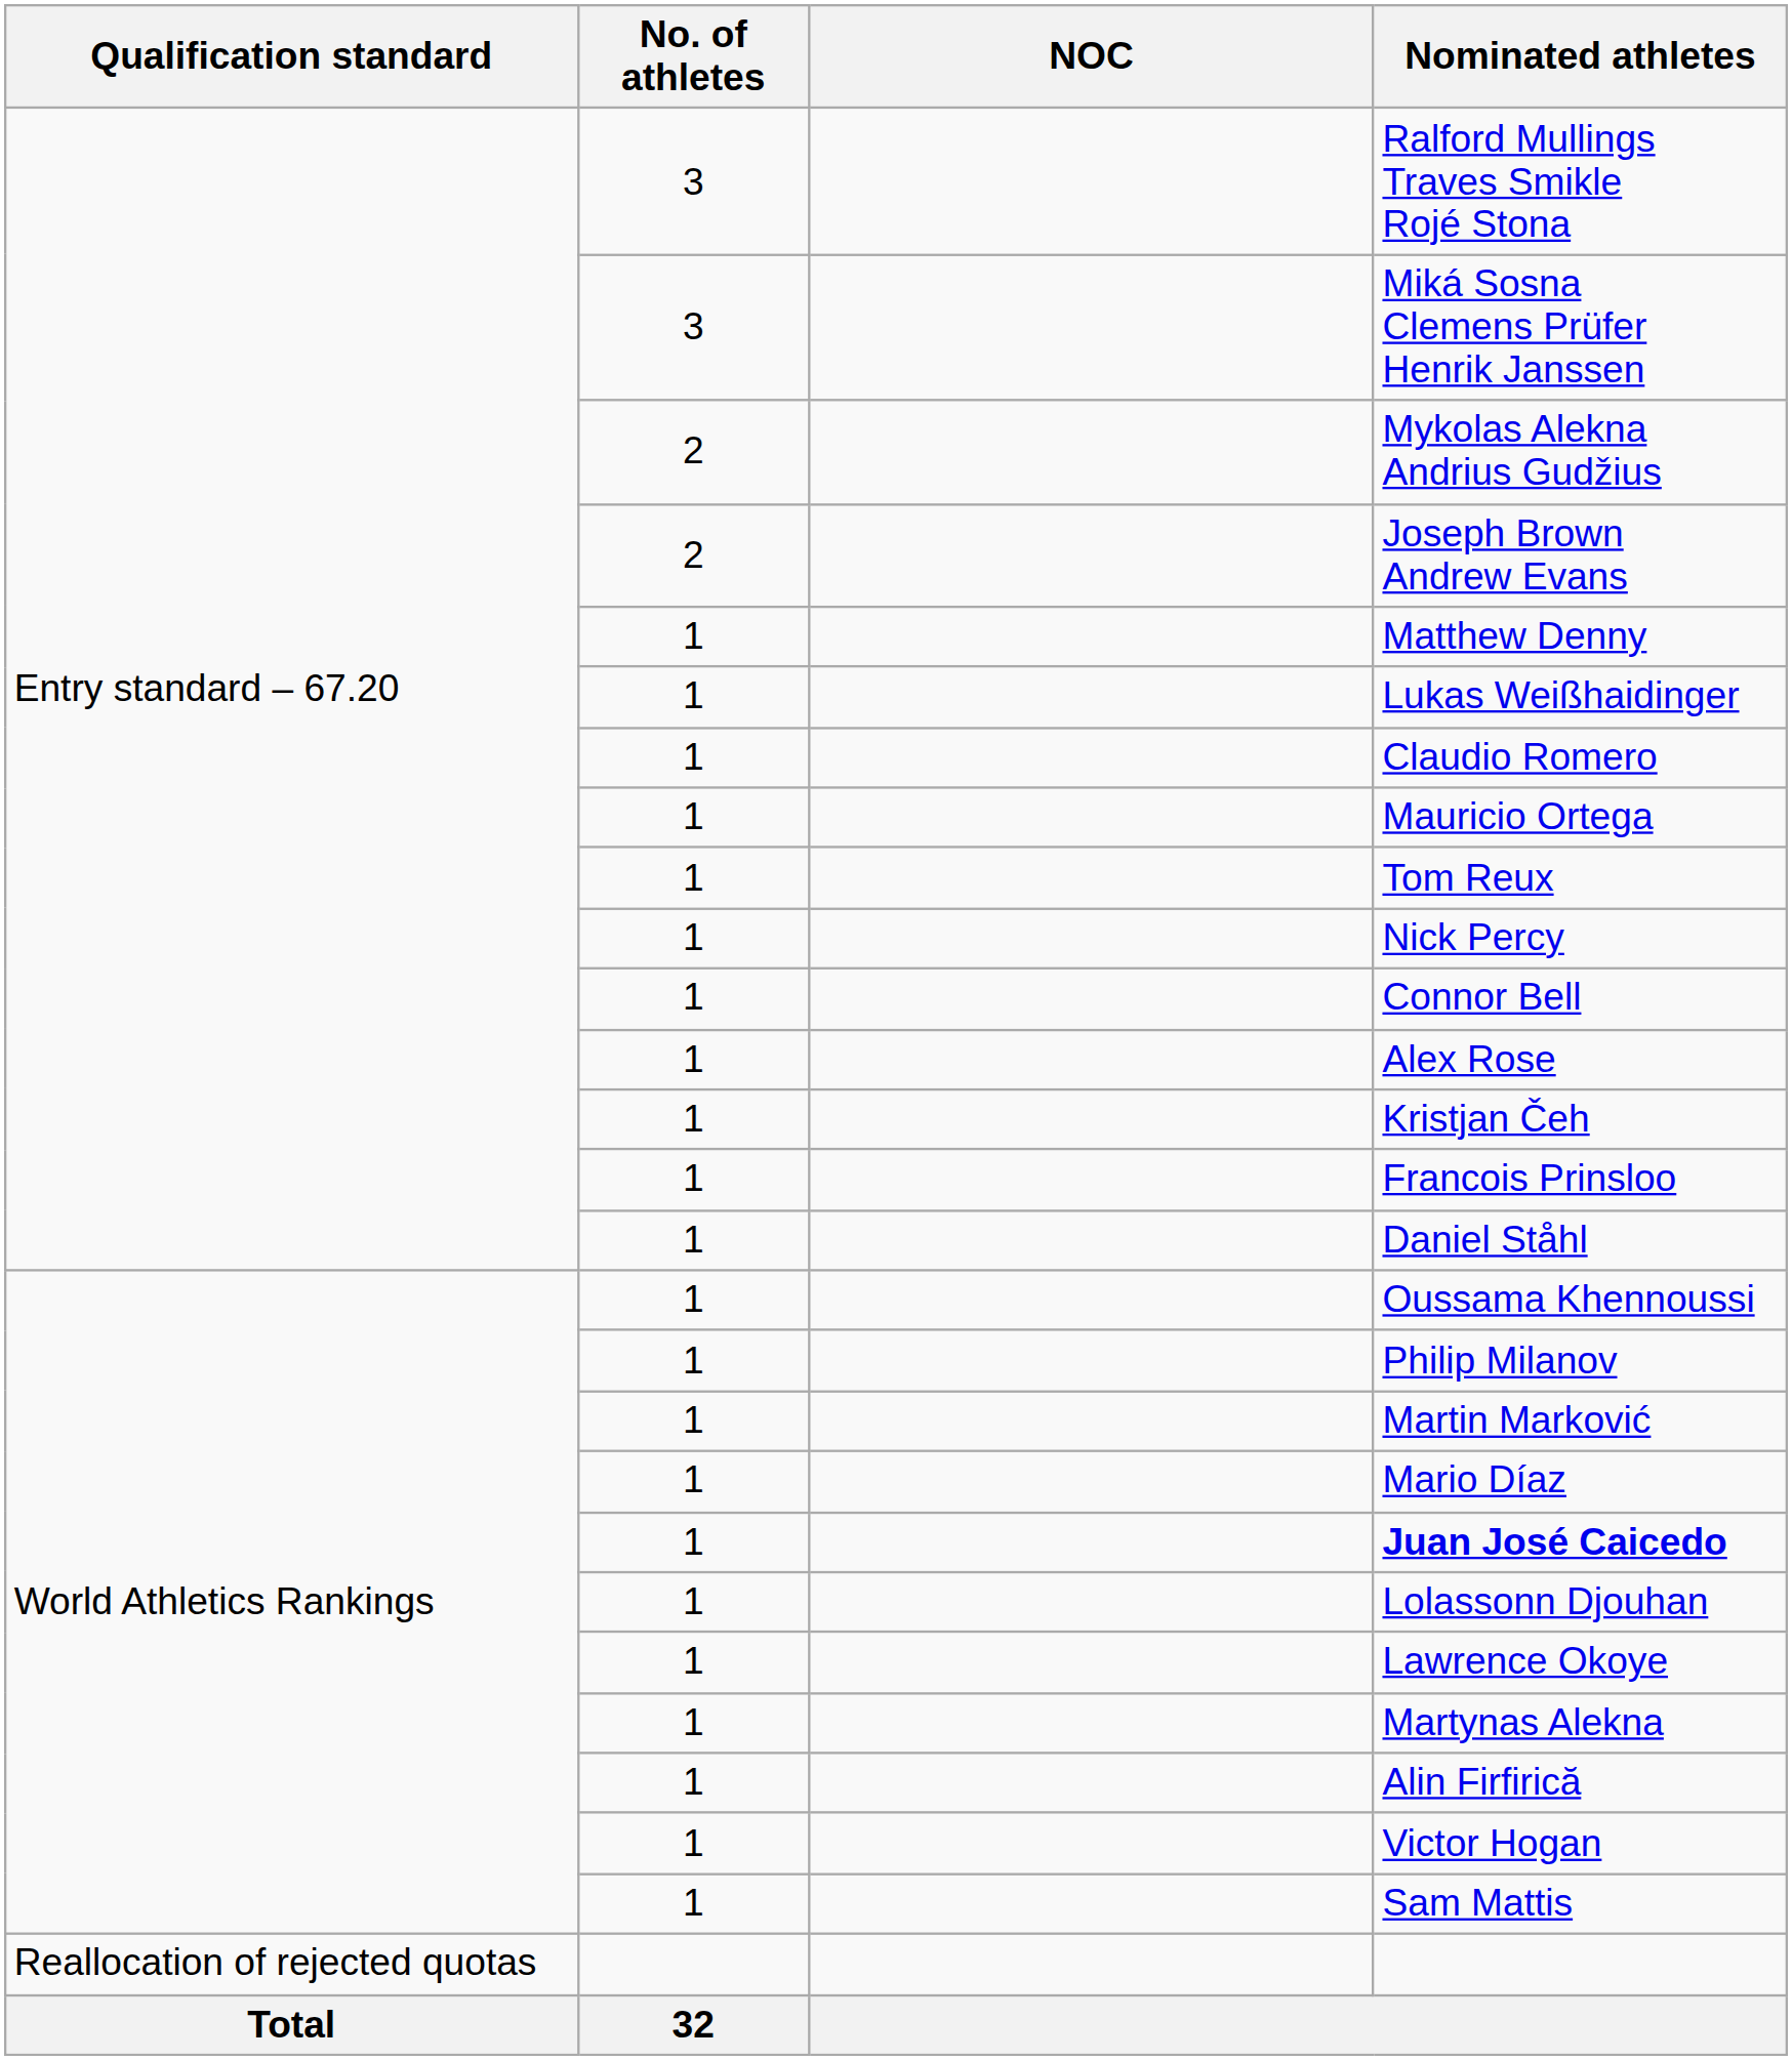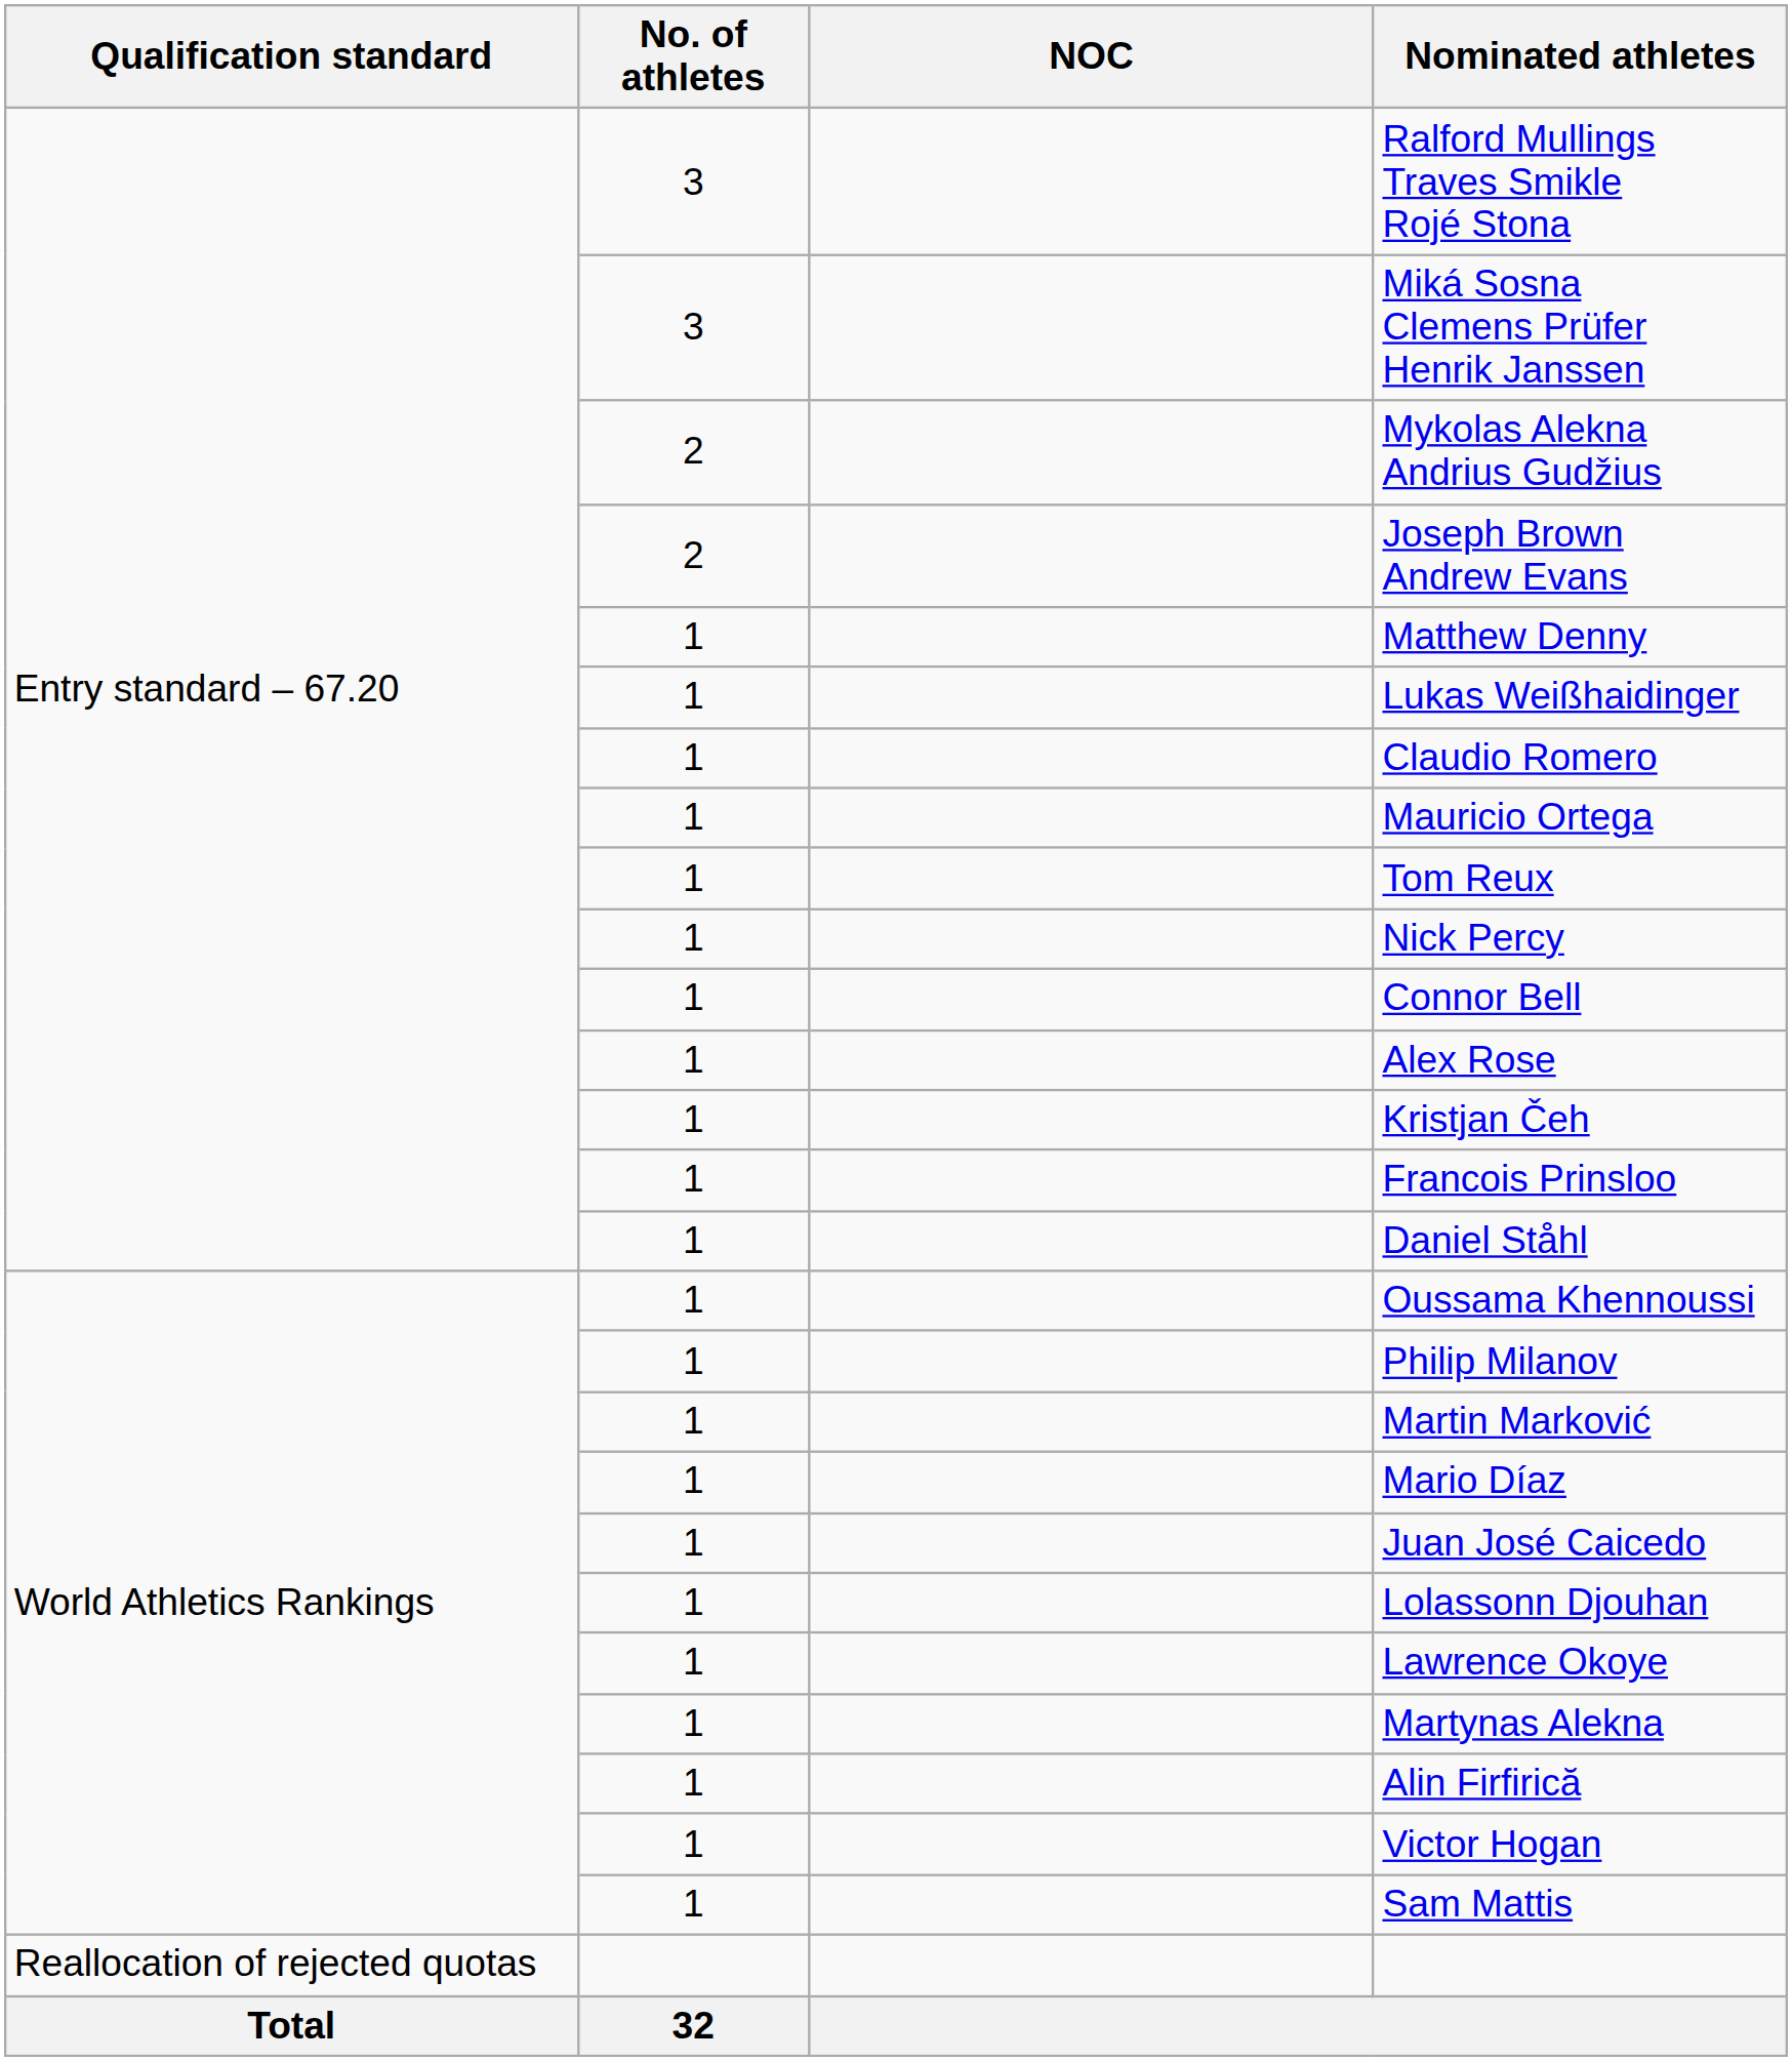 <table class="wikitable sortable" style="text-align:left; width:750px;">
 <tr>
 <th>Qualification standard</th>
 <th width=90>No. of athletes</th>
 <th width=230>NOC</th>
 <th>Nominated athletes</th>
 </tr>
 <tr>
 <td rowspan=15>Entry standard – 67.20</td>
 <td align=center>3</td>
 <td></td>
 <td><a href='#'>Ralford Mullings</a><br><a href='#'>Traves Smikle</a><br><a href='#'>Rojé Stona</a></td>
 </tr>
 <tr>
 <td align=center>3</td>
 <td></td>
 <td><a href='#'>Miká Sosna</a><br><a href='#'>Clemens Prüfer</a><br><a href='#'>Henrik Janssen</a></td>
 </tr>
 <tr>
 <td align=center>2</td>
 <td></td>
 <td><a href='#'>Mykolas Alekna</a><br><a href='#'>Andrius Gudžius</a></td>
 </tr>
 <tr>
 <td align=center>2</td>
 <td></td>
 <td><a href='#'>Joseph Brown</a><br><a href='#'>Andrew Evans</a></td>
 </tr>
 <tr>
 <td align=center>1</td>
 <td></td>
 <td><a href='#'>Matthew Denny</a></td>
 </tr>
 <tr>
 <td align=center>1</td>
 <td></td>
 <td><a href='#'>Lukas Weißhaidinger</a></td>
 </tr>
 <tr>
 <td align=center>1</td>
 <td></td>
 <td><a href='#'>Claudio Romero</a></td>
 </tr>
 <tr>
 <td align=center>1</td>
 <td></td>
 <td><a href='#'>Mauricio Ortega</a></td>
 </tr>
 <tr>
 <td align=center>1</td>
 <td></td>
 <td><a href='#'>Tom Reux</a></td>
 </tr>
 <tr>
 <td align=center>1</td>
 <td></td>
 <td><a href='#'>Nick Percy</a></td>
 </tr>
 <tr>
 <td align=center>1</td>
 <td></td>
 <td><a href='#'>Connor Bell</a></td>
 </tr>
 <tr>
 <td align=center>1</td>
 <td></td>
 <td><a href='#'>Alex Rose</a></td>
 </tr>
 <tr>
 <td align=center>1</td>
 <td></td>
 <td><a href='#'>Kristjan Čeh</a></td>
 </tr>
 <tr>
 <td align=center>1</td>
 <td></td>
 <td><a href='#'>Francois Prinsloo</a></td>
 </tr>
 <tr>
 <td align=center>1</td>
 <td></td>
 <td><a href='#'>Daniel Ståhl</a></td>
 </tr>
 <tr>
 <td rowspan=11>World Athletics Rankings</td>
 <td align=center>1</td>
 <td></td>
 <td><a href='#'>Oussama Khennoussi</a></td>
 </tr>
 <tr>
 <td align=center>1</td>
 <td></td>
 <td><a href='#'>Philip Milanov</a></td>
 </tr>
 <tr>
 <td align=center>1</td>
 <td></td>
 <td><a href='#'>Martin Marković</a></td>
 </tr>
 <tr>
 <td align=center>1</td>
 <td></td>
 <td><a href='#'>Mario Díaz</a></td>
 </tr>
 <tr>
 <td align=center>1</td>
 <td></td>
-<td><strong><a href='#'>Juan José Caicedo</a></strong></td>
+<td><a href='#'>Juan José Caicedo</a></td>
 </tr>
 <tr>
 <td align=center>1</td>
 <td></td>
 <td><a href='#'>Lolassonn Djouhan</a></td>
 </tr>
 <tr>
 <td align=center>1</td>
 <td></td>
 <td><a href='#'>Lawrence Okoye</a></td>
 </tr>
 <tr>
 <td align=center>1</td>
 <td></td>
 <td><a href='#'>Martynas Alekna</a></td>
 </tr>
 <tr>
 <td align=center>1</td>
 <td></td>
 <td><a href='#'>Alin Firfirică</a></td>
 </tr>
 <tr>
 <td align=center>1</td>
 <td></td>
 <td><a href='#'>Victor Hogan</a></td>
 </tr>
 <tr>
 <td align=center>1</td>
 <td></td>
 <td><a href='#'>Sam Mattis</a></td>
 </tr>
 <tr>
 <td>Reallocation of rejected quotas</td>
 <td align=center></td>
 <td></td>
 <td></td>
 </tr>
 <tr>
 <th>Total</th>
 <th>32</th>
 <th colspan=2></th>
 </tr>
 </table>
